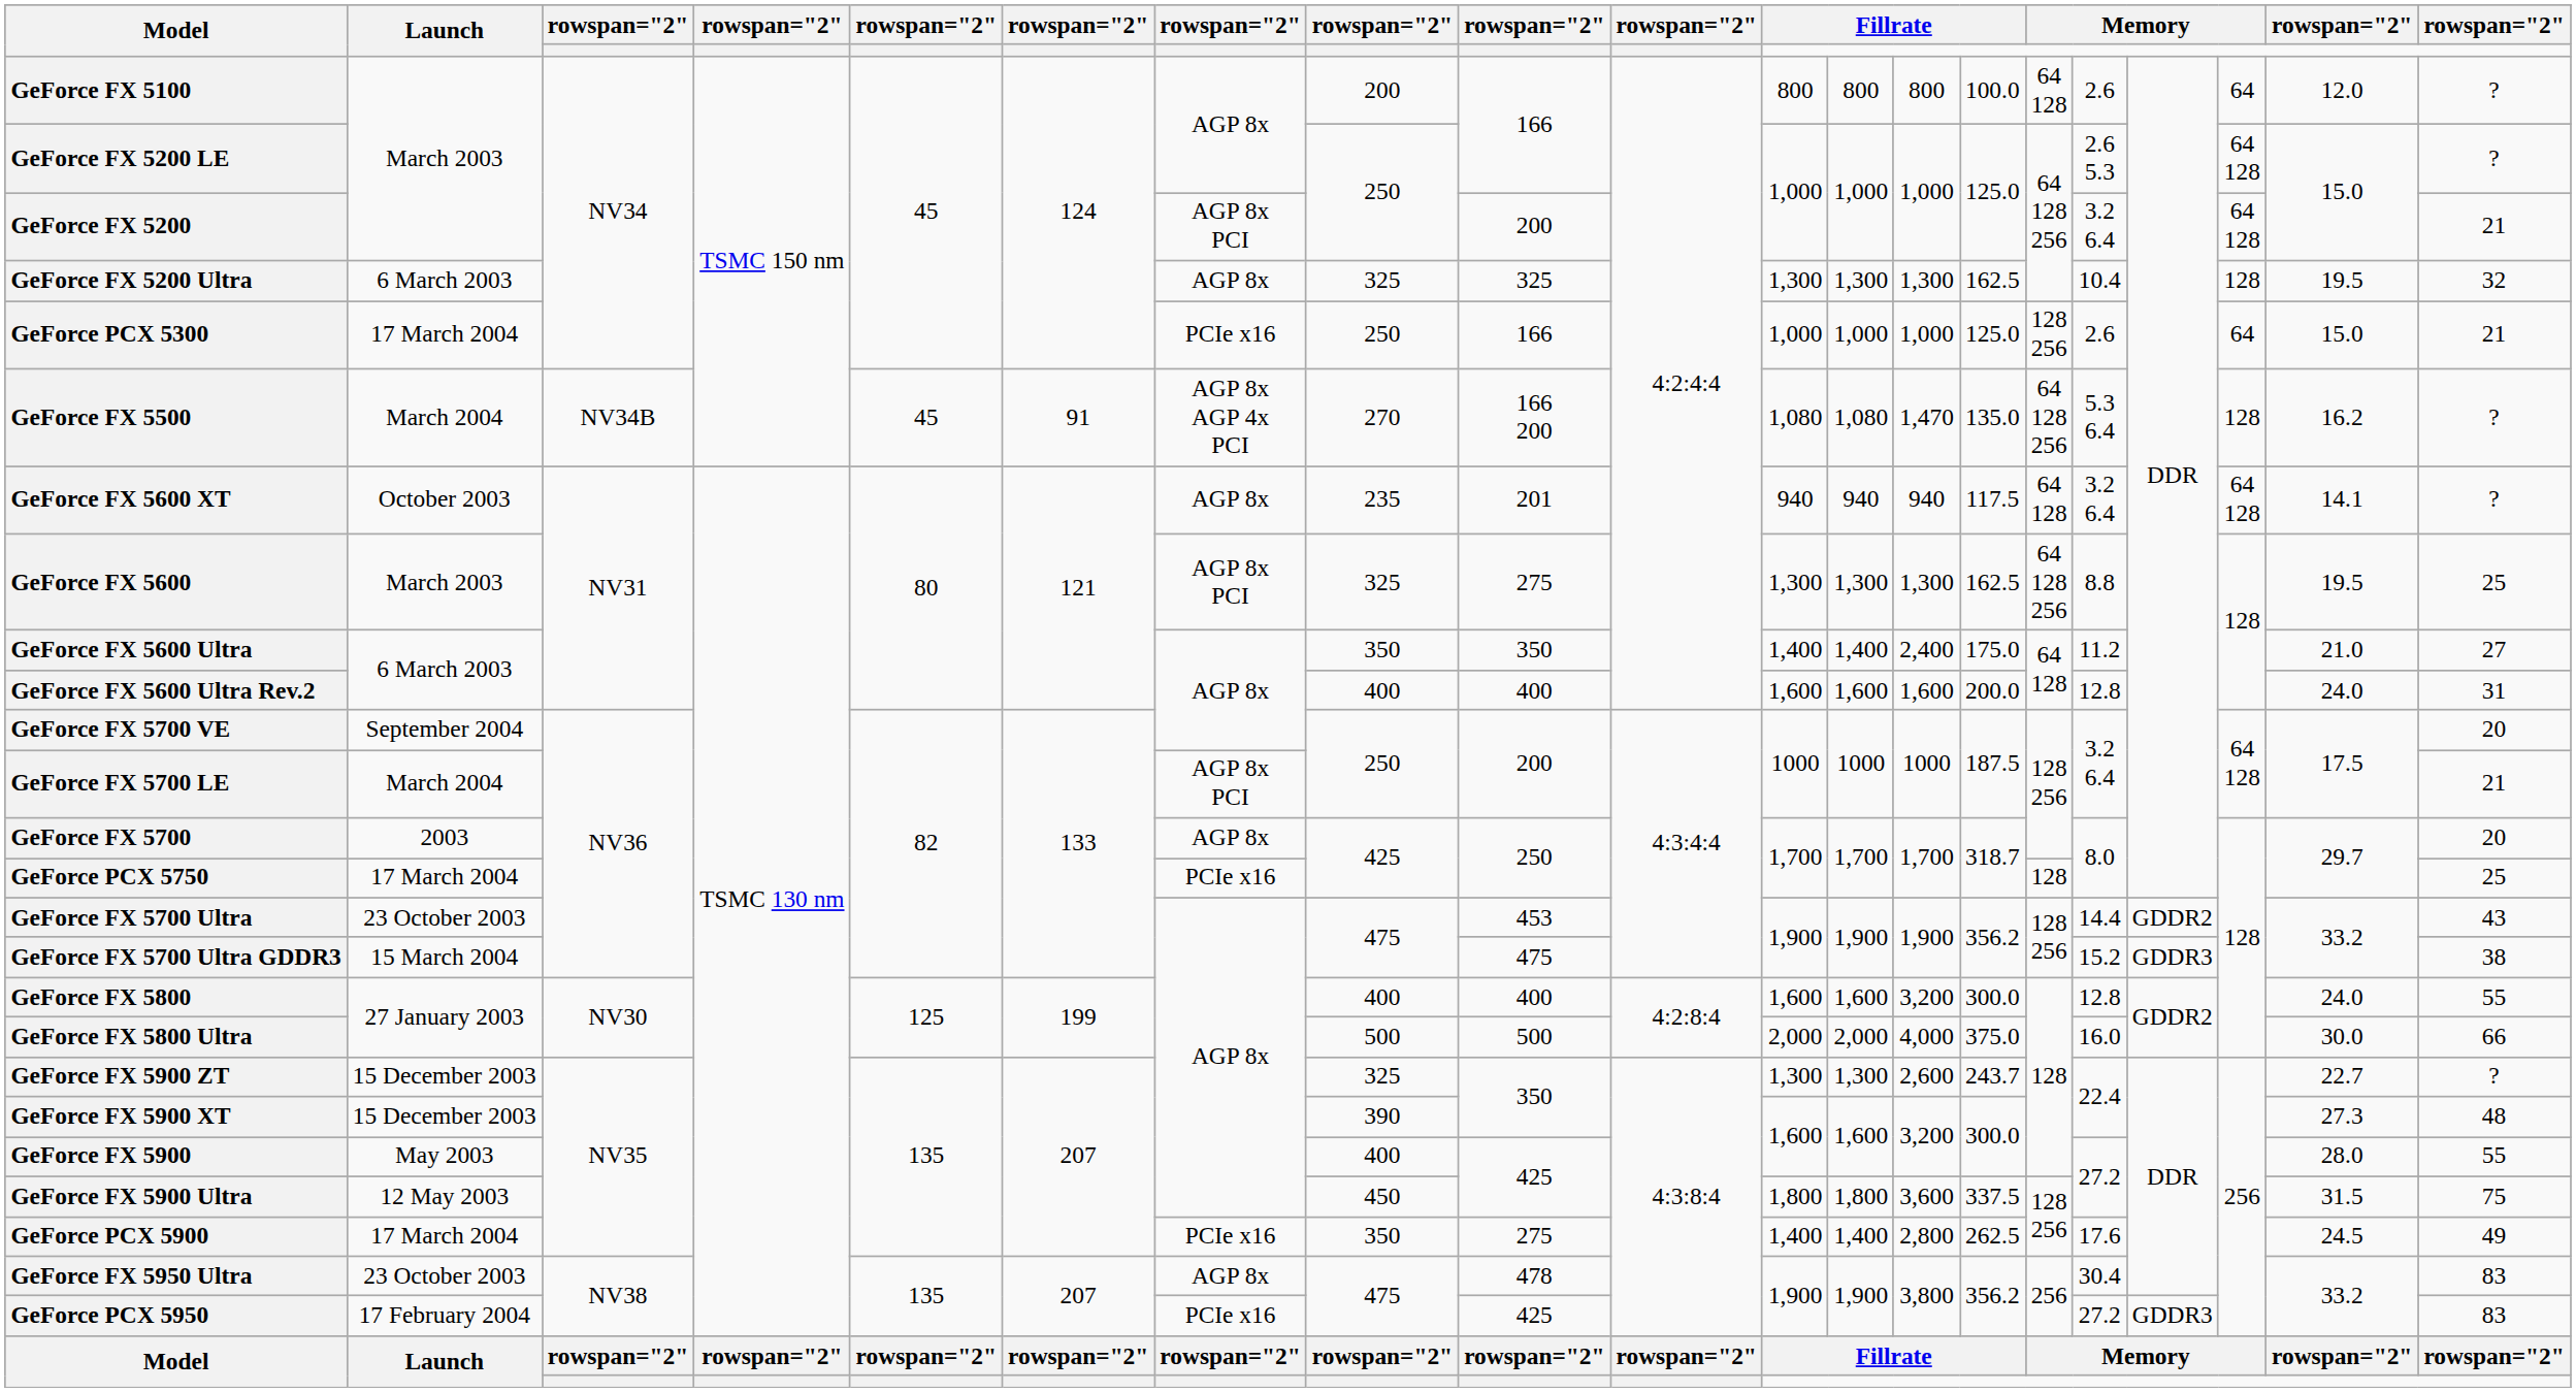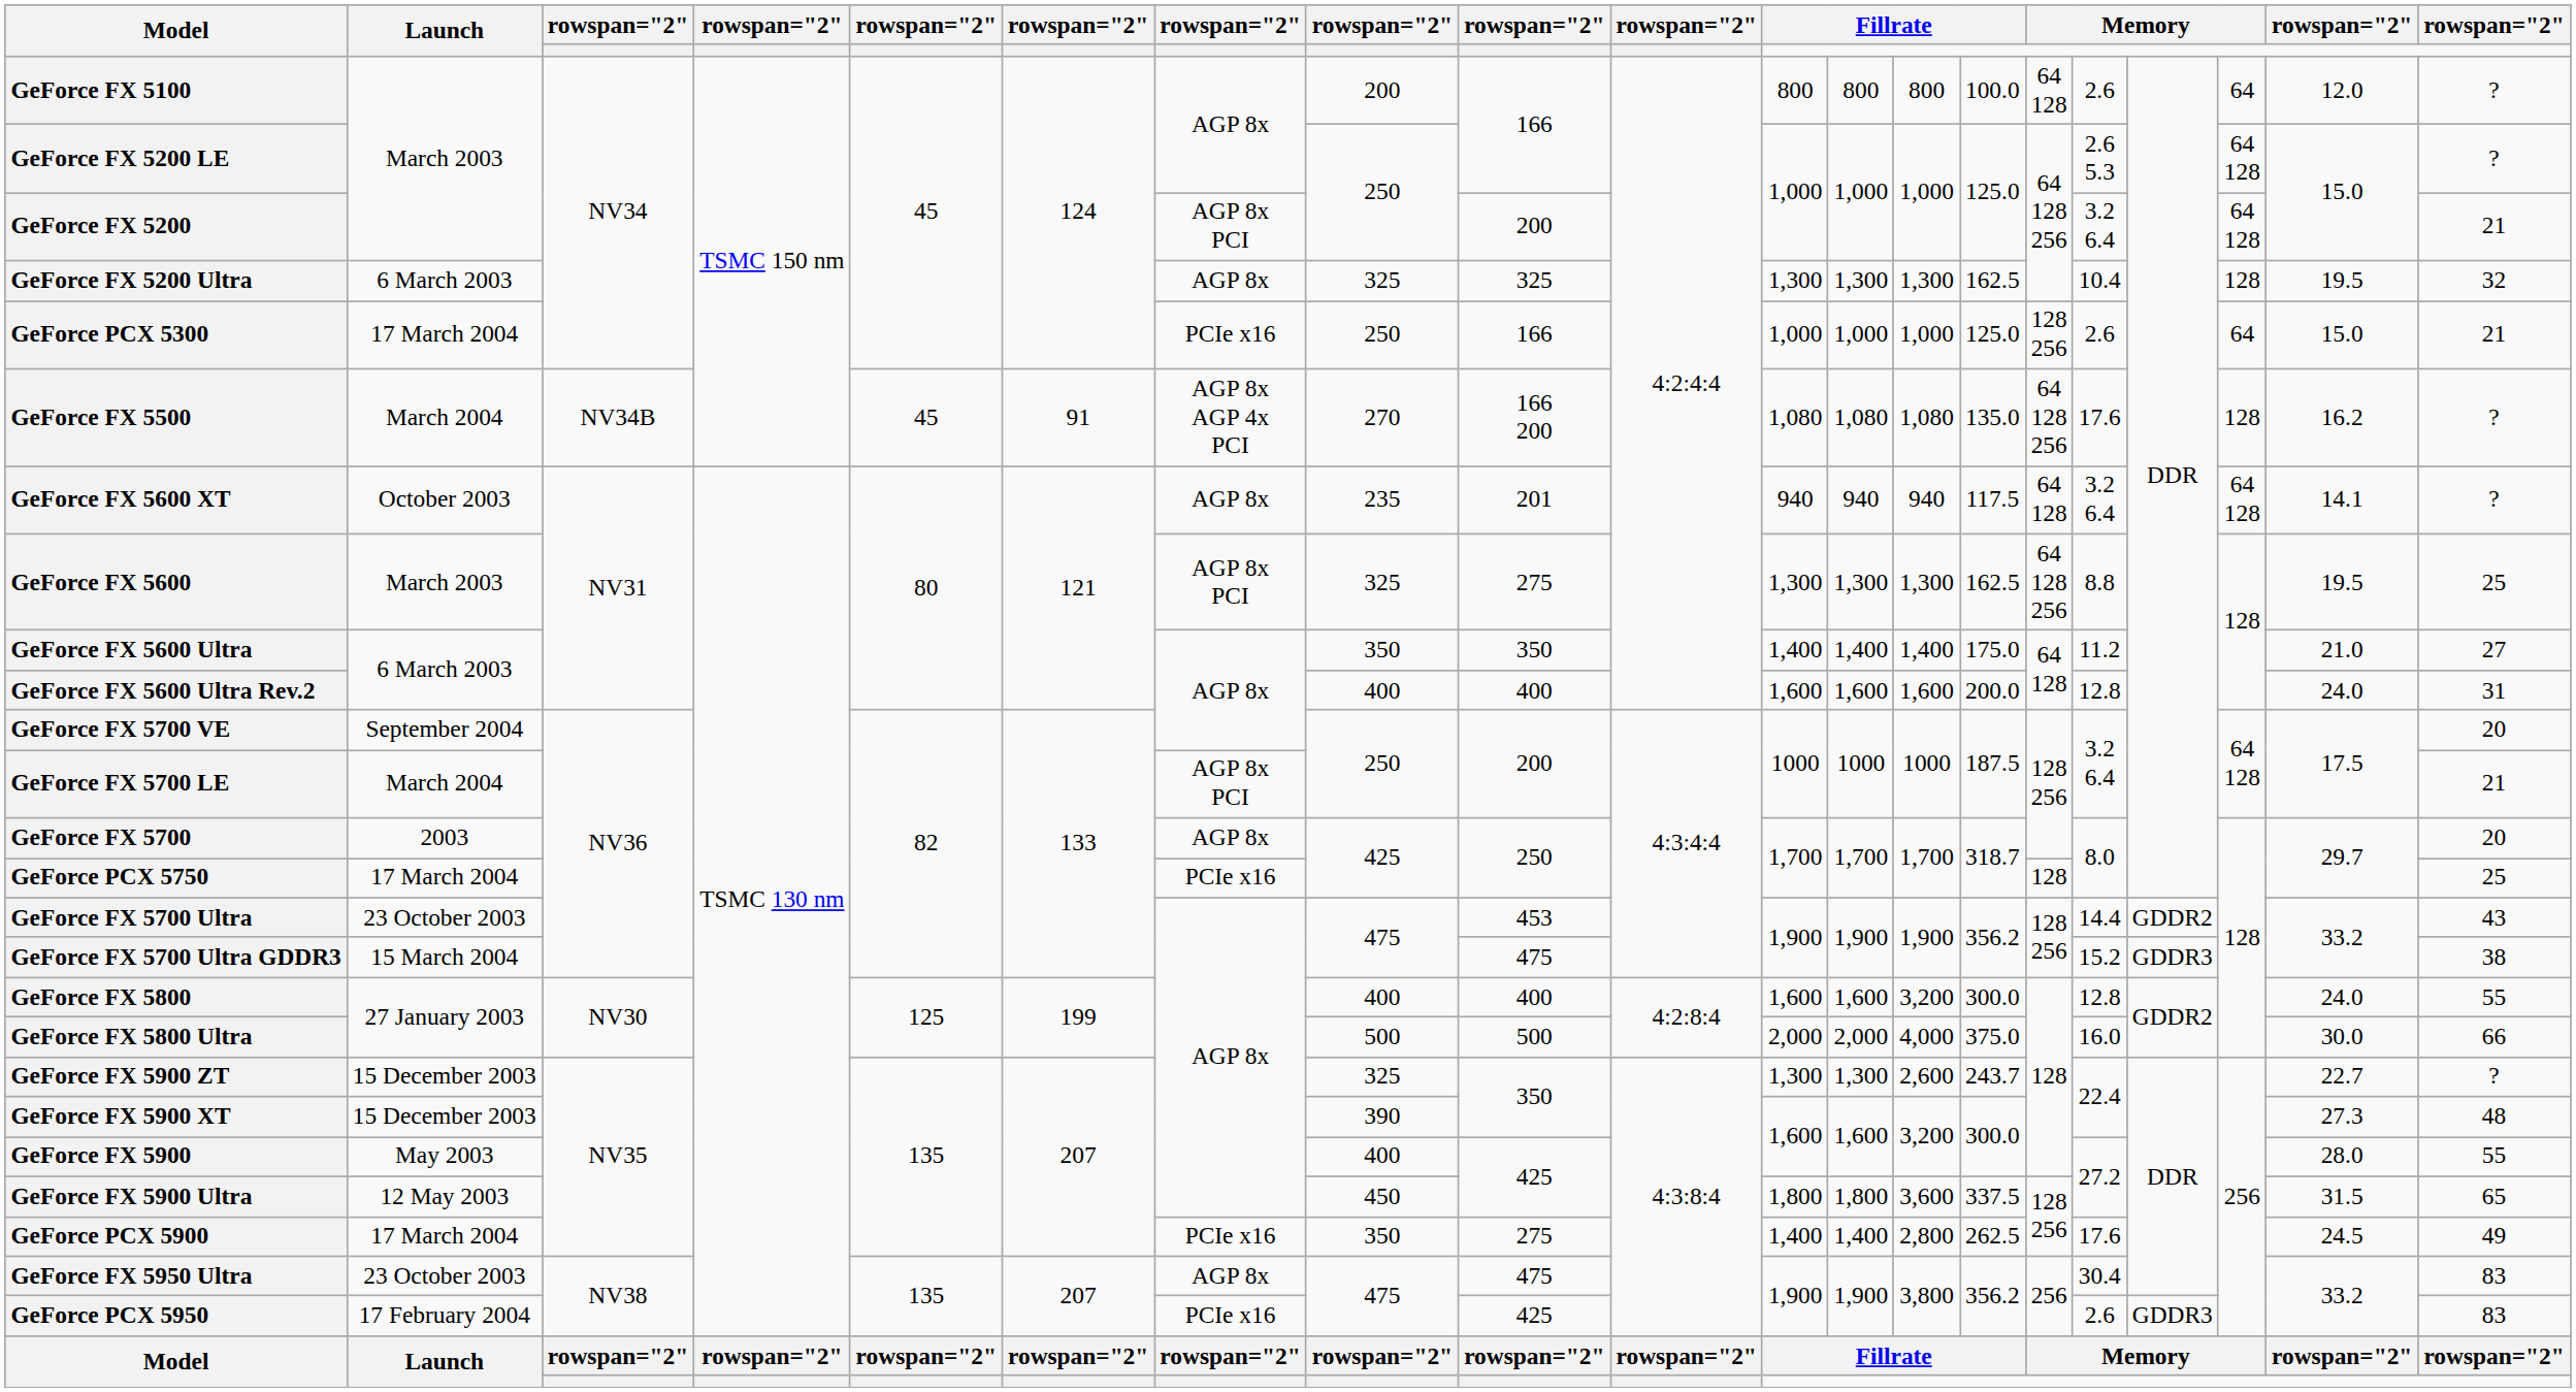 <table class="mw-datatable wikitable sortable" style="font-size:85%; text-align:center;">
 <tr>
 <th rowspan="2">Model</th>
 <th rowspan="2">Launch</th>
 <th>rowspan="2" </th>
 <th>rowspan="2" </th>
 <th>rowspan="2" </th>
 <th>rowspan="2" </th>
 <th>rowspan="2" </th>
 <th>rowspan="2" </th>
 <th>rowspan="2" </th>
 <th>rowspan="2" </th>
 <th colspan="4"><a href='#'>Fillrate</a></th>
 <th colspan="4">Memory</th>
 <th>rowspan="2" </th>
 <th>rowspan="2" </th>
 </tr>
 <tr>
 <th></th>
 <th></th>
 <th></th>
 <th></th>
 <th></th>
 <th></th>
 <th></th>
 <th></th>
 </tr>
 <tr>
 <th style="text-align:left">GeForce FX 5100</th>
 <td rowspan="3">March 2003</td>
 <td rowspan="5">NV34</td>
 <td rowspan="6"><a href='#'>TSMC</a> 150 nm</td>
 <td rowspan="5">45</td>
 <td rowspan="5">124</td>
 <td rowspan="2">AGP 8x</td>
 <td>200</td>
 <td rowspan="2">166</td>
 <td rowspan="10">4:2:4:4</td>
 <td>800</td>
 <td>800</td>
 <td>800</td>
 <td>100.0</td>
 <td>64 <br> 128</td>
 <td>2.6</td>
 <td rowspan="14">DDR</td>
 <td>64</td>
 <td>12.0</td>
 <td>?</td>
 </tr>
 <tr>
 <th style="text-align:left">GeForce FX 5200 LE</th>
 <td rowspan="2">250</td>
 <td rowspan="2">1,000</td>
 <td rowspan="2">1,000</td>
 <td rowspan="2">1,000</td>
 <td rowspan="2">125.0</td>
 <td rowspan="3">64<br>128<br>256</td>
 <td>2.6<br>5.3</td>
 <td>64<br>128</td>
 <td rowspan="2">15.0</td>
 <td>?</td>
 </tr>
 <tr>
 <th style="text-align:left">GeForce FX 5200</th>
 <td>AGP 8x<br>PCI</td>
 <td>200</td>
 <td>3.2<br>6.4</td>
 <td>64<br>128</td>
 <td>21</td>
 </tr>
 <tr>
 <th style="text-align:left">GeForce FX 5200 Ultra</th>
 <td>6 March 2003</td>
 <td>AGP 8x</td>
 <td>325</td>
 <td>325</td>
 <td>1,300</td>
 <td>1,300</td>
 <td>1,300</td>
 <td>162.5</td>
 <td>10.4</td>
 <td>128</td>
 <td>19.5</td>
 <td>32</td>
 </tr>
 <tr>
 <th style="text-align:left">GeForce PCX 5300</th>
 <td>17 March 2004</td>
 <td>PCIe x16</td>
 <td>250</td>
 <td>166</td>
 <td>1,000</td>
 <td>1,000</td>
 <td>1,000</td>
 <td>125.0</td>
 <td>128<br>256</td>
 <td>2.6</td>
 <td>64</td>
 <td>15.0</td>
 <td>21</td>
 </tr>
 <tr>
 <th style="text-align:left">GeForce FX 5500</th>
 <td>March 2004</td>
 <td>NV34B</td>
 <td>45</td>
 <td>91</td>
 <td>AGP 8x<br>AGP 4x<br>PCI</td>
 <td>270</td>
 <td>166<br>200</td>
 <td>1,080</td>
 <td>1,080</td>
-<td>1,470</td>
+<td>1,080</td>
 <td>135.0</td>
 <td>64<br>128<br>256</td>
-<td>5.3<br>6.4</td>
+<td>17.6</td>
 <td>128</td>
 <td>16.2</td>
 <td>?</td>
 </tr>
 <tr>
 <th style="text-align:left">GeForce FX 5600 XT</th>
 <td>October 2003</td>
 <td rowspan="4">NV31</td>
 <td rowspan="19">TSMC <a href='#'>130&nbsp;nm</a></td>
 <td rowspan="4">80</td>
 <td rowspan="4">121</td>
 <td>AGP 8x</td>
 <td>235</td>
 <td>201</td>
 <td>940</td>
 <td>940</td>
 <td>940</td>
 <td>117.5</td>
 <td>64<br>128</td>
 <td>3.2<br>6.4</td>
 <td>64<br>128</td>
 <td>14.1</td>
 <td>?</td>
 </tr>
 <tr>
 <th style="text-align:left">GeForce FX 5600</th>
 <td>March 2003</td>
 <td>AGP 8x<br>PCI</td>
 <td>325</td>
 <td>275</td>
 <td>1,300</td>
 <td>1,300</td>
 <td>1,300</td>
 <td>162.5</td>
 <td>64<br>128<br>256</td>
 <td>8.8</td>
 <td rowspan="3">128</td>
 <td>19.5</td>
 <td>25</td>
 </tr>
 <tr>
 <th style="text-align:left">GeForce FX 5600 Ultra</th>
 <td rowspan="2">6 March 2003</td>
 <td rowspan="3">AGP 8x</td>
 <td>350</td>
 <td>350</td>
 <td>1,400</td>
 <td>1,400</td>
-<td>2,400</td>
+<td>1,400</td>
 <td>175.0</td>
 <td rowspan="2">64<br>128</td>
 <td>11.2</td>
 <td>21.0</td>
 <td>27</td>
 </tr>
 <tr>
 <th style="text-align:left">GeForce FX 5600 Ultra Rev.2</th>
 <td>400</td>
 <td>400</td>
 <td>1,600</td>
 <td>1,600</td>
 <td>1,600</td>
 <td>200.0</td>
 <td>12.8</td>
 <td>24.0</td>
 <td>31</td>
 </tr>
 <tr>
 <th style="text-align:left">GeForce FX 5700 VE</th>
 <td>September 2004</td>
 <td rowspan="6">NV36</td>
 <td rowspan="6">82</td>
 <td rowspan="6">133</td>
 <td rowspan="2">250</td>
 <td rowspan="2">200</td>
 <td rowspan="6">4:3:4:4</td>
 <td rowspan="2">1000</td>
 <td rowspan="2">1000</td>
 <td rowspan="2">1000</td>
 <td rowspan="2">187.5</td>
 <td rowspan="3">128<br>256</td>
 <td rowspan="2">3.2<br>6.4</td>
 <td rowspan="2">64<br>128</td>
 <td rowspan="2">17.5</td>
 <td>20</td>
 </tr>
 <tr>
 <th style="text-align:left">GeForce FX 5700 LE</th>
 <td>March 2004</td>
 <td>AGP 8x<br>PCI</td>
 <td>21</td>
 </tr>
 <tr>
 <th style="text-align:left">GeForce FX 5700</th>
 <td>2003</td>
 <td>AGP 8x</td>
 <td rowspan="2">425</td>
 <td rowspan="2">250</td>
 <td rowspan="2">1,700</td>
 <td rowspan="2">1,700</td>
 <td rowspan="2">1,700</td>
 <td rowspan="2">318.7</td>
 <td rowspan="2">8.0</td>
 <td rowspan="6">128</td>
 <td rowspan="2">29.7</td>
 <td>20</td>
 </tr>
 <tr>
 <th style="text-align:left">GeForce PCX 5750</th>
 <td>17 March 2004</td>
 <td>PCIe x16</td>
 <td>128</td>
 <td>25</td>
 </tr>
 <tr>
 <th style="text-align:left">GeForce FX 5700 Ultra</th>
 <td>23 October 2003</td>
 <td rowspan="8">AGP 8x</td>
 <td rowspan="2">475</td>
 <td>453</td>
 <td rowspan="2">1,900</td>
 <td rowspan="2">1,900</td>
 <td rowspan="2">1,900</td>
 <td rowspan="2">356.2</td>
 <td rowspan="2">128<br>256</td>
 <td>14.4</td>
 <td>GDDR2</td>
 <td rowspan="2">33.2</td>
 <td>43</td>
 </tr>
 <tr>
 <th style="text-align:left">GeForce FX 5700 Ultra GDDR3</th>
 <td>15 March 2004</td>
 <td>475</td>
 <td>15.2</td>
 <td>GDDR3</td>
 <td>38</td>
 </tr>
 <tr>
 <th style="text-align:left">GeForce FX 5800</th>
 <td rowspan="2">27 January 2003</td>
 <td rowspan="2">NV30</td>
 <td rowspan="2">125</td>
 <td rowspan="2">199</td>
 <td>400</td>
 <td>400</td>
 <td rowspan="2">4:2:8:4</td>
 <td>1,600</td>
 <td>1,600</td>
 <td>3,200</td>
 <td>300.0</td>
 <td rowspan="5">128</td>
 <td>12.8</td>
 <td rowspan="2">GDDR2</td>
 <td>24.0</td>
 <td>55</td>
 </tr>
 <tr>
 <th style="text-align:left">GeForce FX 5800 Ultra</th>
 <td>500</td>
 <td>500</td>
 <td>2,000</td>
 <td>2,000</td>
 <td>4,000</td>
 <td>375.0</td>
 <td>16.0</td>
 <td>30.0</td>
 <td>66</td>
 </tr>
 <tr>
 <th style="text-align:left">GeForce FX 5900 ZT</th>
 <td>15 December 2003</td>
 <td rowspan="5">NV35</td>
 <td rowspan="5">135</td>
 <td rowspan="5">207</td>
 <td>325</td>
 <td rowspan="2">350</td>
 <td rowspan="7">4:3:8:4</td>
 <td>1,300</td>
 <td>1,300</td>
 <td>2,600</td>
 <td>243.7</td>
 <td rowspan="2">22.4</td>
 <td rowspan="6">DDR</td>
 <td rowspan="7">256</td>
 <td>22.7</td>
 <td>?</td>
 </tr>
 <tr>
 <th style="text-align:left">GeForce FX 5900 XT</th>
 <td>15 December 2003</td>
 <td>390</td>
 <td rowspan="2">1,600</td>
 <td rowspan="2">1,600</td>
 <td rowspan="2">3,200</td>
 <td rowspan="2">300.0</td>
 <td>27.3</td>
 <td>48</td>
 </tr>
 <tr>
 <th style="text-align:left">GeForce FX 5900</th>
 <td>May 2003</td>
 <td>400</td>
 <td rowspan="2">425</td>
 <td rowspan="2">27.2</td>
 <td>28.0</td>
 <td>55</td>
 </tr>
 <tr>
 <th style="text-align:left">GeForce FX 5900 Ultra</th>
 <td>12 May 2003</td>
 <td>450</td>
 <td>1,800</td>
 <td>1,800</td>
 <td>3,600</td>
 <td>337.5</td>
 <td rowspan="2">128<br>256</td>
 <td>31.5</td>
-<td>75</td>
+<td>65</td>
 </tr>
 <tr>
 <th style="text-align:left">GeForce PCX 5900</th>
 <td>17 March 2004</td>
 <td>PCIe x16</td>
 <td>350</td>
 <td>275</td>
 <td>1,400</td>
 <td>1,400</td>
 <td>2,800</td>
 <td>262.5</td>
 <td>17.6</td>
 <td>24.5</td>
 <td>49</td>
 </tr>
 <tr>
 <th style="text-align:left">GeForce FX 5950 Ultra</th>
 <td>23 October 2003</td>
 <td rowspan="2">NV38</td>
 <td rowspan="2">135</td>
 <td rowspan="2">207</td>
 <td>AGP 8x</td>
 <td rowspan="2">475</td>
-<td>478</td>
+<td>475</td>
 <td rowspan="2">1,900</td>
 <td rowspan="2">1,900</td>
 <td rowspan="2">3,800</td>
 <td rowspan="2">356.2</td>
 <td rowspan="2">256</td>
 <td>30.4</td>
 <td rowspan="2">33.2</td>
 <td>83</td>
 </tr>
 <tr>
 <th style="text-align:left">GeForce PCX 5950</th>
 <td>17 February 2004</td>
 <td>PCIe x16</td>
 <td>425</td>
-<td>27.2</td>
+<td>2.6</td>
 <td>GDDR3</td>
 <td>83</td>
 </tr>
 <tr>
 <th rowspan="2">Model</th>
 <th rowspan="2">Launch</th>
 <th>rowspan="2" </th>
 <th>rowspan="2" </th>
 <th>rowspan="2" </th>
 <th>rowspan="2" </th>
 <th>rowspan="2" </th>
 <th>rowspan="2" </th>
 <th>rowspan="2" </th>
 <th>rowspan="2" </th>
 <th colspan="4"><a href='#'>Fillrate</a></th>
 <th colspan="4">Memory</th>
 <th>rowspan="2" </th>
 <th>rowspan="2" </th>
 </tr>
 <tr>
 <th></th>
 <th></th>
 <th></th>
 <th></th>
 <th></th>
 <th></th>
 <th></th>
 <th></th>
 </tr>
 </table>
